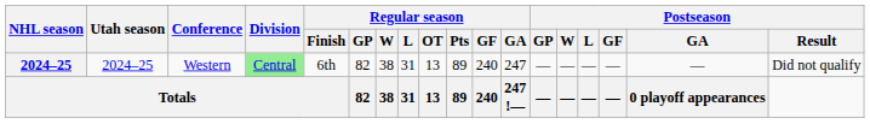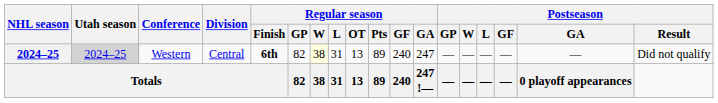 <table class="wikitable" style="text-align:center; font-size:95%;">
 <tr>
 <th rowspan="2"><a href='#'>NHL season</a></th>
 <th rowspan="2">Utah season</th>
 <th rowspan="2"><a href='#'>Conference</a></th>
 <th rowspan="2"><a href='#'>Division</a></th>
 <th colspan="8"><a href='#'>Regular season</a></th>
 <th colspan="6"><a href='#'>Postseason</a></th>
 </tr>
 <tr>
 <th scope="col">Finish</th>
 <th scope="col">GP</th>
 <th scope="col">W</th>
 <th scope="col">L</th>
 <th scope="col">OT</th>
 <th scope="col">Pts</th>
 <th scope="col">GF</th>
 <th scope="col">GA</th>
 <th scope="col">GP</th>
 <th scope="col">W</th>
 <th scope="col">L</th>
 <th scope="col">GF</th>
 <th scope="col">GA</th>
 <th scope="col">Result</th>
 </tr>
 <tr>
 <th><a href='#'>2024–25</a></th>
-<td><a href='#'>2024–25</a></td>
+<td style="background: lightgrey;"><a href='#'>2024–25</a></td>
 <td><a href='#'>Western</a></td>
-<td style="background: lightgreen;"><a href='#'>Central</a></td>
-<td>6th</td>
+<td><a href='#'>Central</a></td>
+<td><strong>6th</strong></td>
 <td>82</td>
-<td>38</td>
+<td style="background: lightyellow;">38</td>
 <td>31</td>
 <td>13</td>
 <td>89</td>
 <td>240</td>
 <td>247</td>
 <td>—</td>
 <td>—</td>
 <td>—</td>
 <td>—</td>
 <td>—</td>
 <td>Did not qualify</td>
 </tr>
 <tr>
 <th colspan="5">Totals</th>
 <th>82</th>
 <th>38</th>
 <th>31</th>
 <th>13</th>
 <th>89</th>
 <th>240</th>
 <th>247<br>!—</th>
 <th>—</th>
 <th>—</th>
 <th>—</th>
 <th>—</th>
 <th>0 playoff appearances</th>
 </tr>
 </table>
